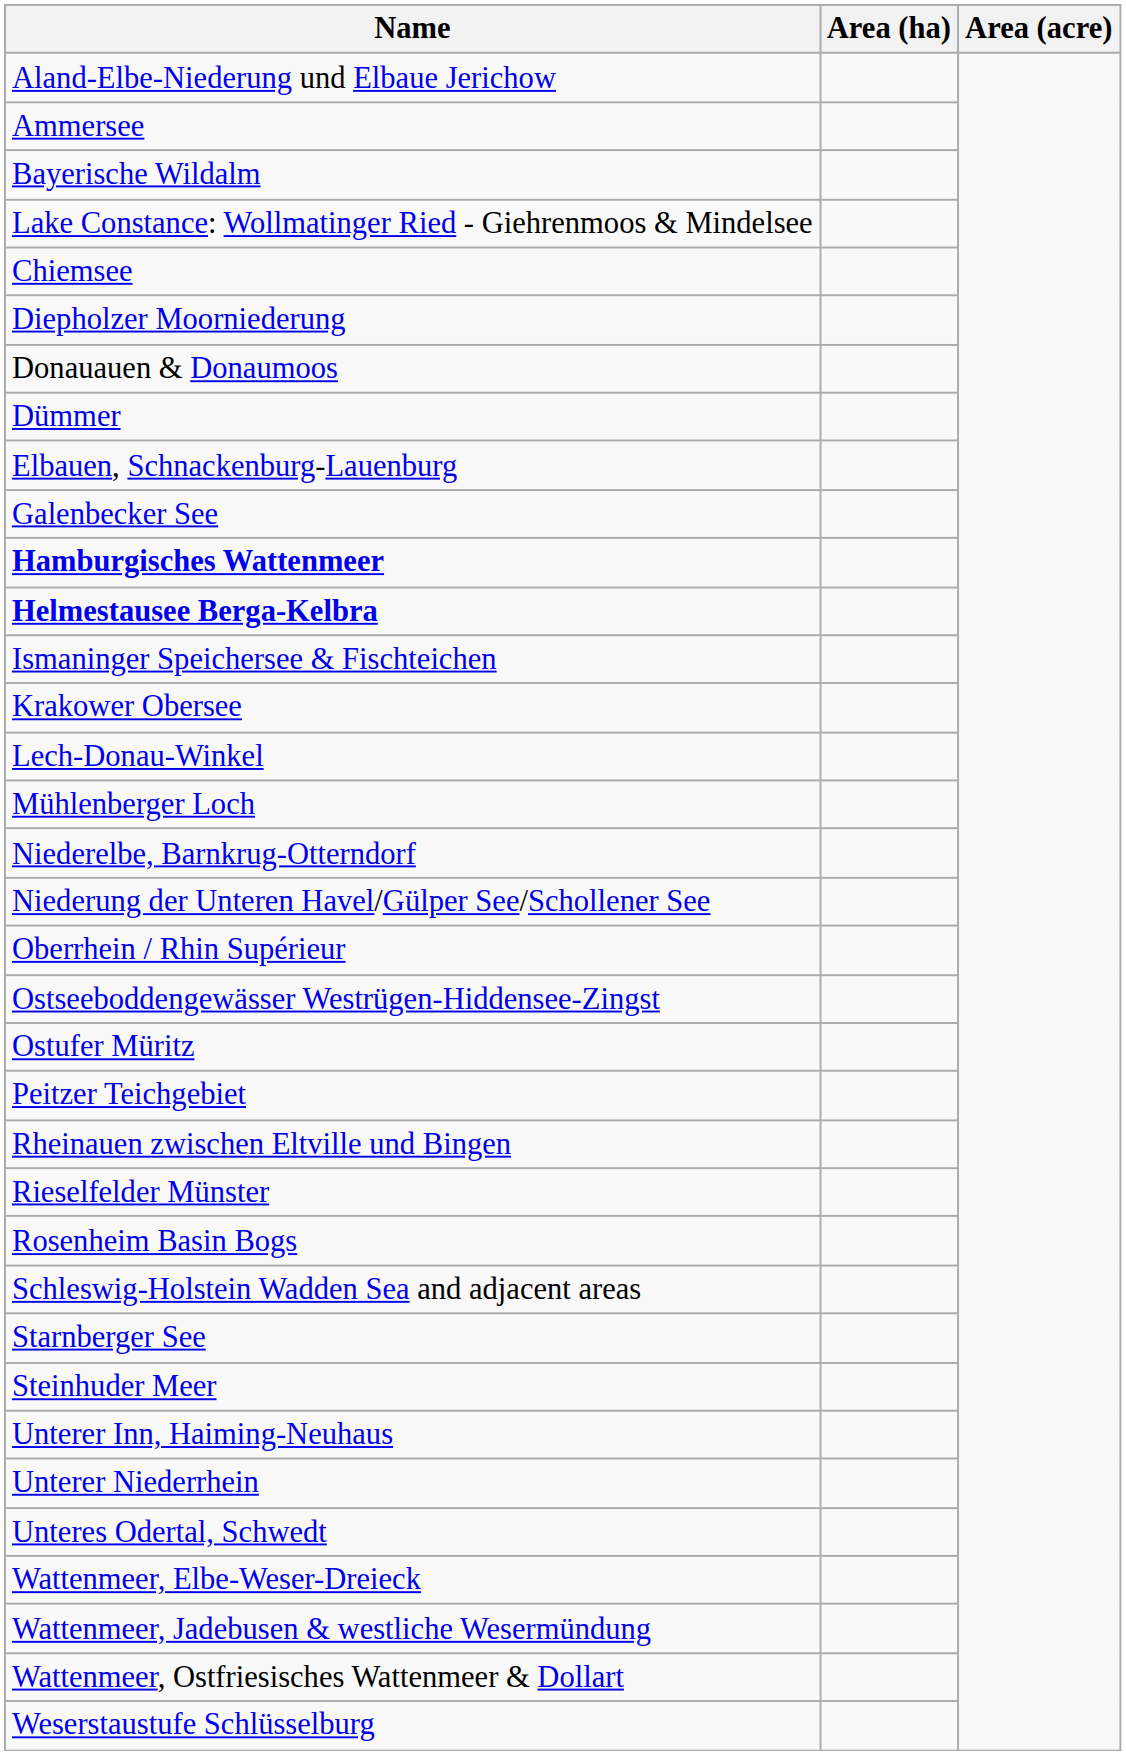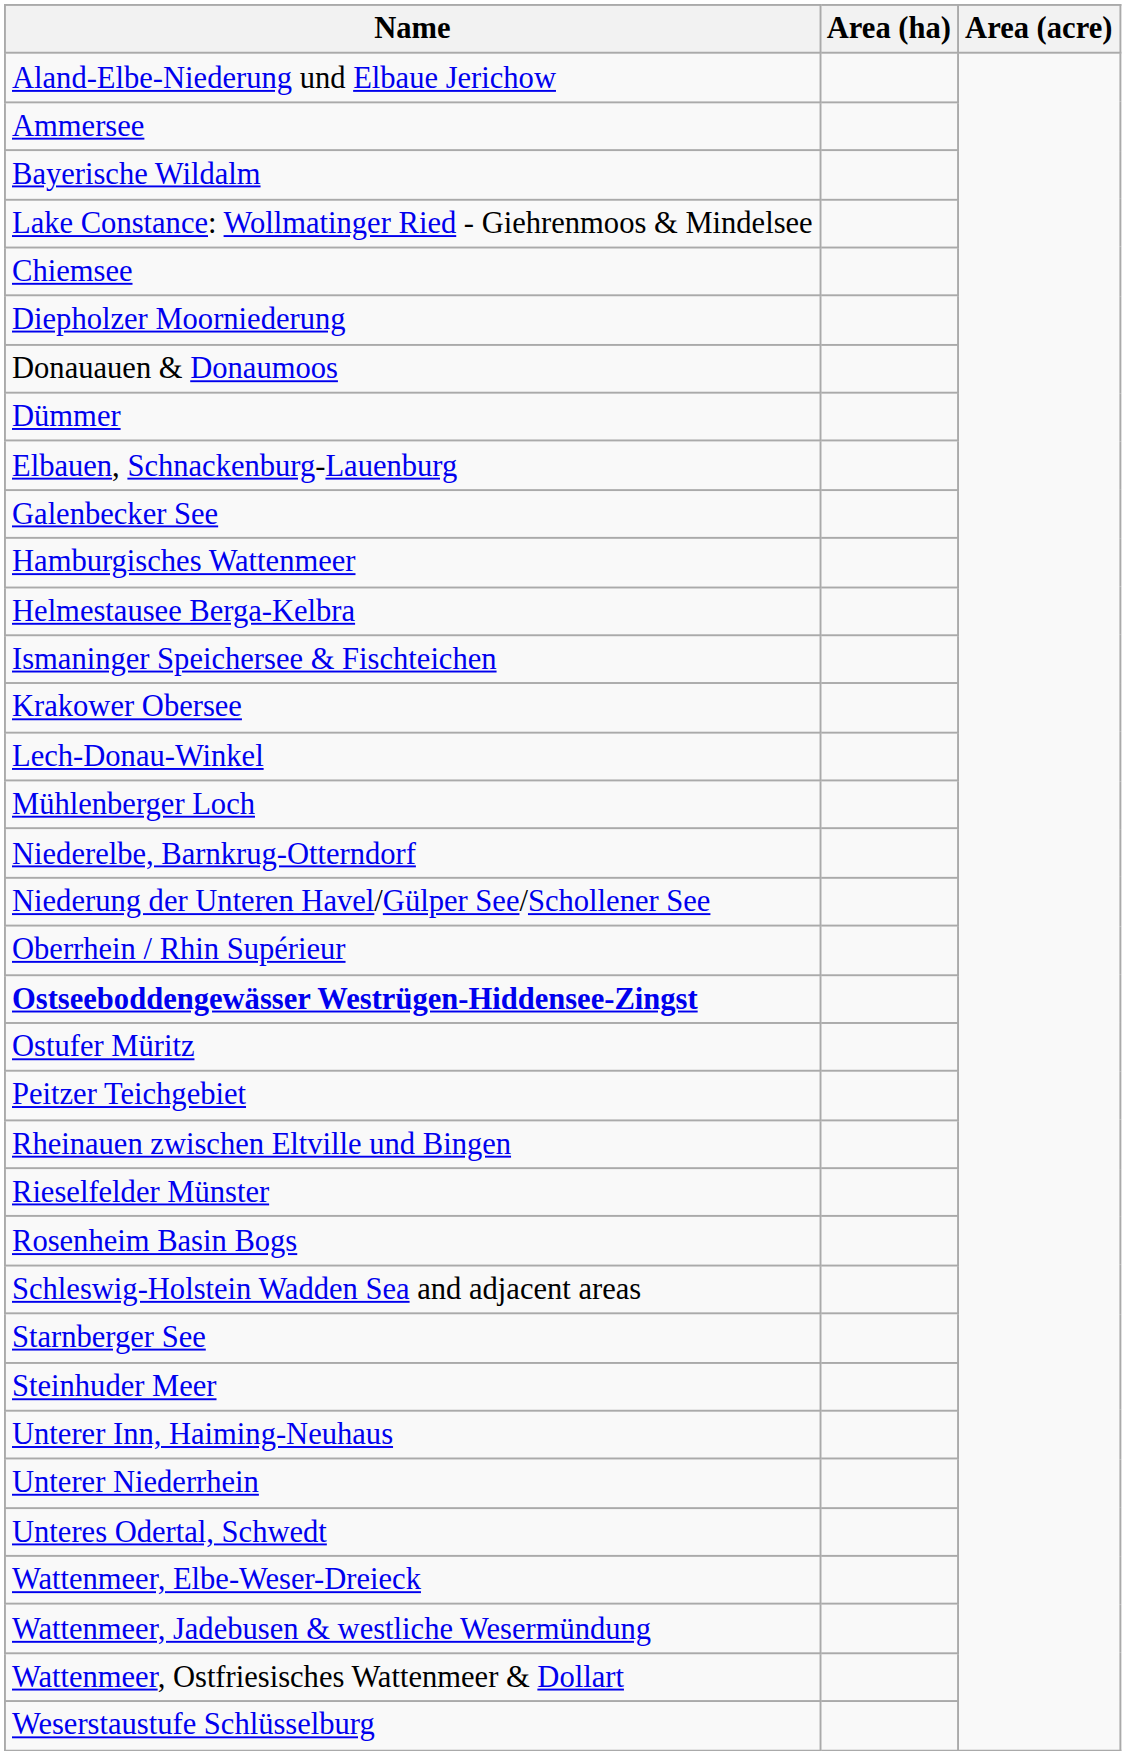 <table class="wikitable sortable">
 <tr>
 <th scope="col" align=left>Name</th>
 <th scope="col">Area (ha)</th>
 <th scope="col">Area (acre)</th>
 </tr>
 <tr ---->
 <td><a href='#'>Aland-Elbe-Niederung</a> und <a href='#'>Elbaue Jerichow</a></td>
 <td></td>
 </tr>
 <tr ---->
 <td><a href='#'>Ammersee</a></td>
 <td></td>
 </tr>
 <tr ---->
 <td><a href='#'>Bayerische Wildalm</a></td>
 <td></td>
 </tr>
 <tr ---->
 <td><a href='#'>Lake Constance</a>: <a href='#'>Wollmatinger Ried</a> - Giehrenmoos & Mindelsee</td>
 <td></td>
 </tr>
 <tr ---->
 <td><a href='#'>Chiemsee</a></td>
 <td></td>
 </tr>
 <tr ---->
 <td><a href='#'>Diepholzer Moorniederung</a></td>
 <td></td>
 </tr>
 <tr ---->
 <td>Donauauen & <a href='#'>Donaumoos</a></td>
 <td></td>
 </tr>
 <tr ---->
 <td><a href='#'>Dümmer</a></td>
 <td></td>
 </tr>
 <tr ---->
 <td><a href='#'>Elbauen</a>, <a href='#'>Schnackenburg</a>-<a href='#'>Lauenburg</a></td>
 <td></td>
 </tr>
 <tr ---->
 <td><a href='#'>Galenbecker See</a></td>
 <td></td>
 </tr>
 <tr ---->
-<td><strong><a href='#'>Hamburgisches Wattenmeer</a></strong></td>
+<td><a href='#'>Hamburgisches Wattenmeer</a></td>
 <td></td>
 </tr>
 <tr ---->
-<td><strong><a href='#'>Helmestausee Berga-Kelbra</a></strong></td>
+<td><a href='#'>Helmestausee Berga-Kelbra</a></td>
 <td></td>
 </tr>
 <tr ---->
 <td><a href='#'>Ismaninger Speichersee & Fischteichen</a></td>
 <td></td>
 </tr>
 <tr ---->
 <td><a href='#'>Krakower Obersee</a></td>
 <td></td>
 </tr>
 <tr ---->
 <td><a href='#'>Lech-Donau-Winkel</a></td>
 <td></td>
 </tr>
 <tr ---->
 <td><a href='#'>Mühlenberger Loch</a></td>
 <td></td>
 </tr>
 <tr ---->
 <td><a href='#'>Niederelbe, Barnkrug-Otterndorf</a></td>
 <td></td>
 </tr>
 <tr ---->
 <td><a href='#'>Niederung der Unteren Havel</a>/<a href='#'>Gülper See</a>/<a href='#'>Schollener See</a></td>
 <td></td>
 </tr>
 <tr ---->
 <td><a href='#'>Oberrhein / Rhin Supérieur</a></td>
 <td></td>
 </tr>
 <tr ---->
-<td><a href='#'>Ostseeboddengewässer Westrügen-Hiddensee-Zingst</a></td>
+<td><strong><a href='#'>Ostseeboddengewässer Westrügen-Hiddensee-Zingst</a></strong></td>
 <td></td>
 </tr>
 <tr ---->
 <td><a href='#'>Ostufer Müritz</a></td>
 <td></td>
 </tr>
 <tr ---->
 <td><a href='#'>Peitzer Teichgebiet</a></td>
 <td></td>
 </tr>
 <tr ---->
 <td><a href='#'>Rheinauen zwischen Eltville und Bingen</a></td>
 <td></td>
 </tr>
 <tr ---->
 <td><a href='#'>Rieselfelder Münster</a></td>
 <td></td>
 </tr>
 <tr ---->
 <td><a href='#'>Rosenheim Basin Bogs</a></td>
 <td></td>
 </tr>
 <tr ---->
 <td><a href='#'>Schleswig-Holstein Wadden Sea</a> and adjacent areas</td>
 <td></td>
 </tr>
 <tr ---->
 <td><a href='#'>Starnberger See</a></td>
 <td></td>
 </tr>
 <tr ---->
 <td><a href='#'>Steinhuder Meer</a></td>
 <td></td>
 </tr>
 <tr ---->
 <td><a href='#'>Unterer Inn, Haiming-Neuhaus</a></td>
 <td></td>
 </tr>
 <tr ---->
 <td><a href='#'>Unterer Niederrhein</a></td>
 <td></td>
 </tr>
 <tr ---->
 <td><a href='#'>Unteres Odertal, Schwedt</a></td>
 <td></td>
 </tr>
 <tr ---->
 <td><a href='#'>Wattenmeer, Elbe-Weser-Dreieck</a></td>
 <td></td>
 </tr>
 <tr ---->
 <td><a href='#'>Wattenmeer, Jadebusen & westliche Wesermündung</a></td>
 <td></td>
 </tr>
 <tr ---->
 <td><a href='#'>Wattenmeer</a>, Ostfriesisches Wattenmeer & <a href='#'>Dollart</a></td>
 <td></td>
 </tr>
 <tr ---->
 <td><a href='#'>Weserstaustufe Schlüsselburg</a></td>
 <td></td>
 </tr>
 </table>
